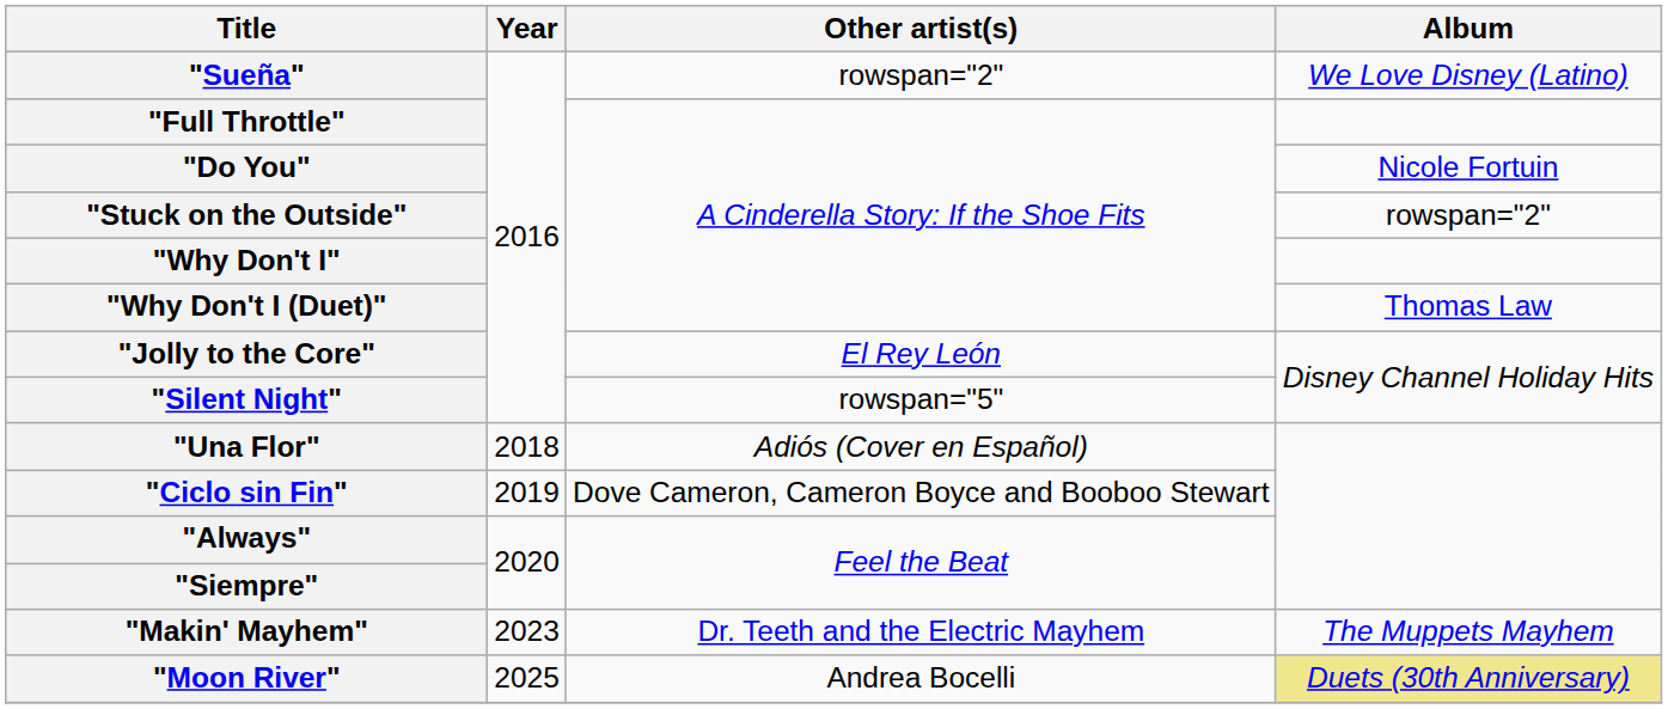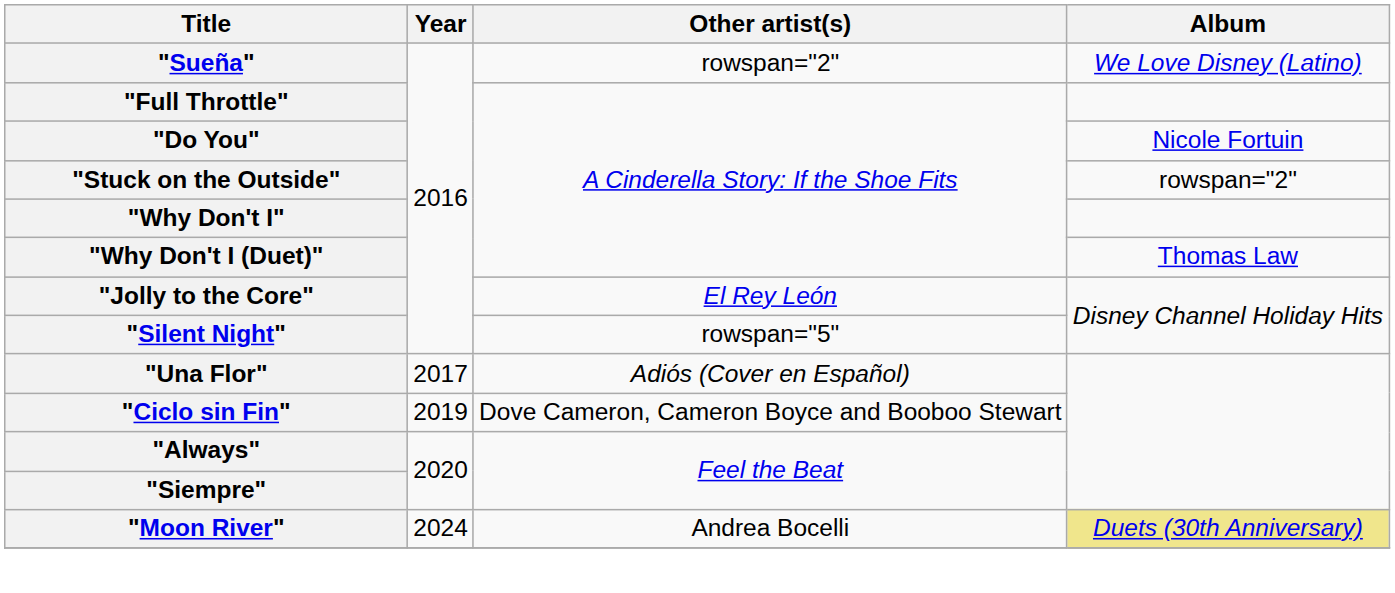 <table class="wikitable plainrowheaders" style="text-align:center">
 <tr>
 <th scope="col" style="width:16em;">Title</th>
 <th scope="col">Year</th>
 <th scope="col">Other artist(s)</th>
 <th scope="col">Album</th>
 </tr>
 <tr>
 <th scope="row">"<a href='#'>Sueña</a>"</th>
 <td rowspan="8">2016</td>
 <td>rowspan="2" </td>
 <td><em><a href='#'>We Love Disney (Latino)</a></em></td>
 </tr>
 <tr>
 <th scope="row">"Full Throttle"</th>
 <td rowspan="5"><em><a href='#'>A Cinderella Story: If the Shoe Fits</a></em></td>
 </tr>
 <tr>
 <th scope="row">"Do You"</th>
 <td><a href='#'>Nicole Fortuin</a></td>
 </tr>
 <tr>
 <th scope="row">"Stuck on the Outside"</th>
 <td>rowspan="2" </td>
 </tr>
 <tr>
 <th scope="row">"Why Don't I"</th>
 </tr>
 <tr>
 <th scope="row">"Why Don't I (Duet)"</th>
 <td><a href='#'>Thomas Law</a></td>
 </tr>
 <tr>
 <th scope="row">"Jolly to the Core"</th>
 <td><em><a href='#'>El Rey León</a></em></td>
 <td rowspan="2"><em>Disney Channel Holiday Hits</em></td>
 </tr>
 <tr>
 <th scope="row">"<a href='#'>Silent Night</a>"</th>
 <td>rowspan="5" </td>
 </tr>
 <tr>
 <th scope="row">"Una Flor"</th>
-<td>2018</td>
+<td>2017</td>
 <td><em>Adiós (Cover en Español)</em></td>
 </tr>
 <tr>
 <th scope="row">"<a href='#'>Ciclo sin Fin</a>"</th>
 <td>2019</td>
 <td>Dove Cameron, Cameron Boyce and Booboo Stewart</td>
 </tr>
 <tr>
 <th scope="row">"Always"</th>
 <td rowspan="2">2020</td>
 <td rowspan="2"><em><a href='#'>Feel the Beat</a></em></td>
 </tr>
 <tr>
 <th scope="row">"Siempre"</th>
 </tr>
 <tr>
-<th scope="row">"Makin' Mayhem"</th>
-<td>2023</td>
-<td><a href='#'>Dr. Teeth and the Electric Mayhem</a></td>
-<td><em><a href='#'>The Muppets Mayhem</a></em></td>
-</tr>
-<tr>
 <th scope="row">"<a href='#'>Moon River</a>"</th>
-<td>2025</td>
+<td>2024</td>
 <td>Andrea Bocelli</td>
 <td style="background: khaki;"><em><a href='#'>Duets (30th Anniversary)</a></em></td>
 </tr>
 <tr>
 </tr>
 </table>
